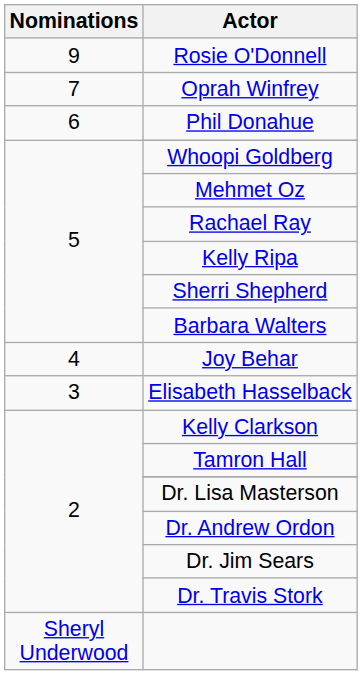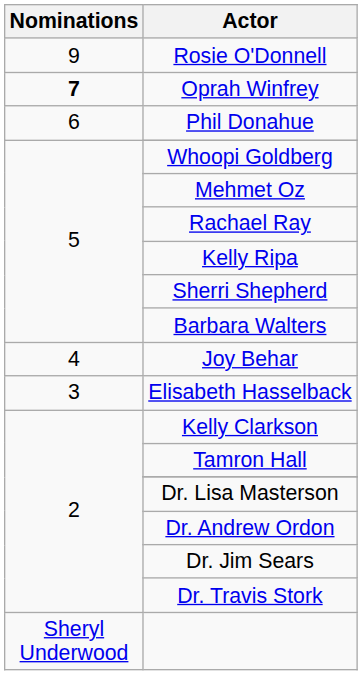 <table class="wikitable" style="text-align: center;">
 <tr>
 <th scope="col" width="55">Nominations</th>
 <th scope="col" align="center">Actor</th>
 </tr>
 <tr>
 <td>9</td>
 <td><a href='#'>Rosie O'Donnell</a></td>
 </tr>
 <tr>
-<td>7</td>
+<td><strong>7</strong></td>
 <td><a href='#'>Oprah Winfrey</a></td>
 </tr>
 <tr>
 <td>6</td>
 <td><a href='#'>Phil Donahue</a></td>
 </tr>
 <tr>
 <td rowspan=7>5</td>
 </tr>
 <tr>
 <td><a href='#'>Whoopi Goldberg</a></td>
 </tr>
 <tr>
 <td><a href='#'>Mehmet Oz</a></td>
 </tr>
 <tr>
 <td><a href='#'>Rachael Ray</a></td>
 </tr>
 <tr>
 <td><a href='#'>Kelly Ripa</a></td>
 </tr>
 <tr>
 <td><a href='#'>Sherri Shepherd</a></td>
 </tr>
 <tr>
 <td><a href='#'>Barbara Walters</a></td>
 </tr>
 <tr>
 <td>4</td>
 <td><a href='#'>Joy Behar</a></td>
 </tr>
 <tr>
 <td>3</td>
 <td><a href='#'>Elisabeth Hasselback</a></td>
 </tr>
 <tr>
 <td rowspan=7>2</td>
 <td><a href='#'>Kelly Clarkson</a></td>
 </tr>
 <tr>
 <td><a href='#'>Tamron Hall</a></td>
 </tr>
 <tr>
 </tr>
 <tr>
 <td>Dr. Lisa Masterson</td>
 </tr>
 <tr>
 <td><a href='#'>Dr. Andrew Ordon</a></td>
 </tr>
 <tr>
 <td>Dr. Jim Sears</td>
 </tr>
 <tr>
 <td><a href='#'>Dr. Travis Stork</a></td>
 </tr>
 <tr>
 <td><a href='#'>Sheryl Underwood</a></td>
 </tr>
 </table>
